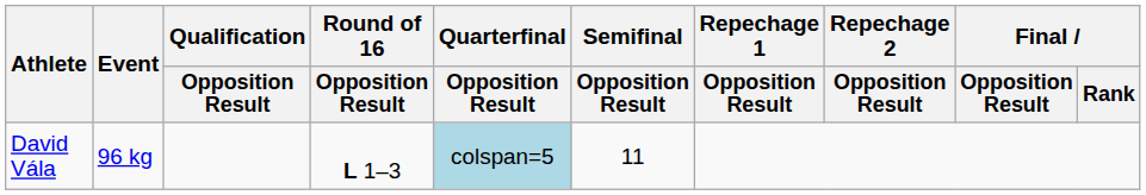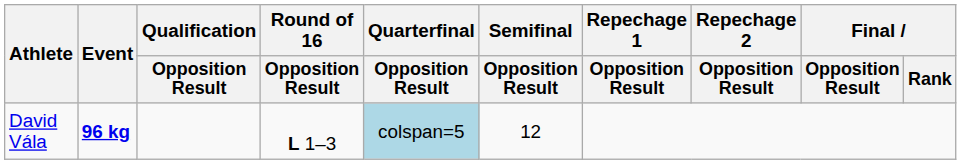 <table class="wikitable" style="font-size:90%">
 <tr>
 <th rowspan="2">Athlete</th>
 <th rowspan="2">Event</th>
 <th>Qualification</th>
 <th>Round of 16</th>
 <th>Quarterfinal</th>
 <th>Semifinal</th>
 <th>Repechage 1</th>
 <th>Repechage 2</th>
 <th colspan=2>Final / </th>
 </tr>
 <tr style="font-size: 95%">
 <th>Opposition<br>Result</th>
 <th>Opposition<br>Result</th>
 <th>Opposition<br>Result</th>
 <th>Opposition<br>Result</th>
 <th>Opposition<br>Result</th>
 <th>Opposition<br>Result</th>
 <th>Opposition<br>Result</th>
 <th>Rank</th>
 </tr>
 <tr align=center>
 <td align=left><a href='#'>David Vála</a></td>
-<td align=left><a href='#'>96 kg</a></td>
+<td align=left><strong><a href='#'>96 kg</a></strong></td>
 <td></td>
 <td><br><strong>L</strong> 1–3 <sup></sup></td>
 <td style="background: lightblue;">colspan=5 </td>
-<td>11</td>
+<td>12</td>
 </tr>
 </table>
